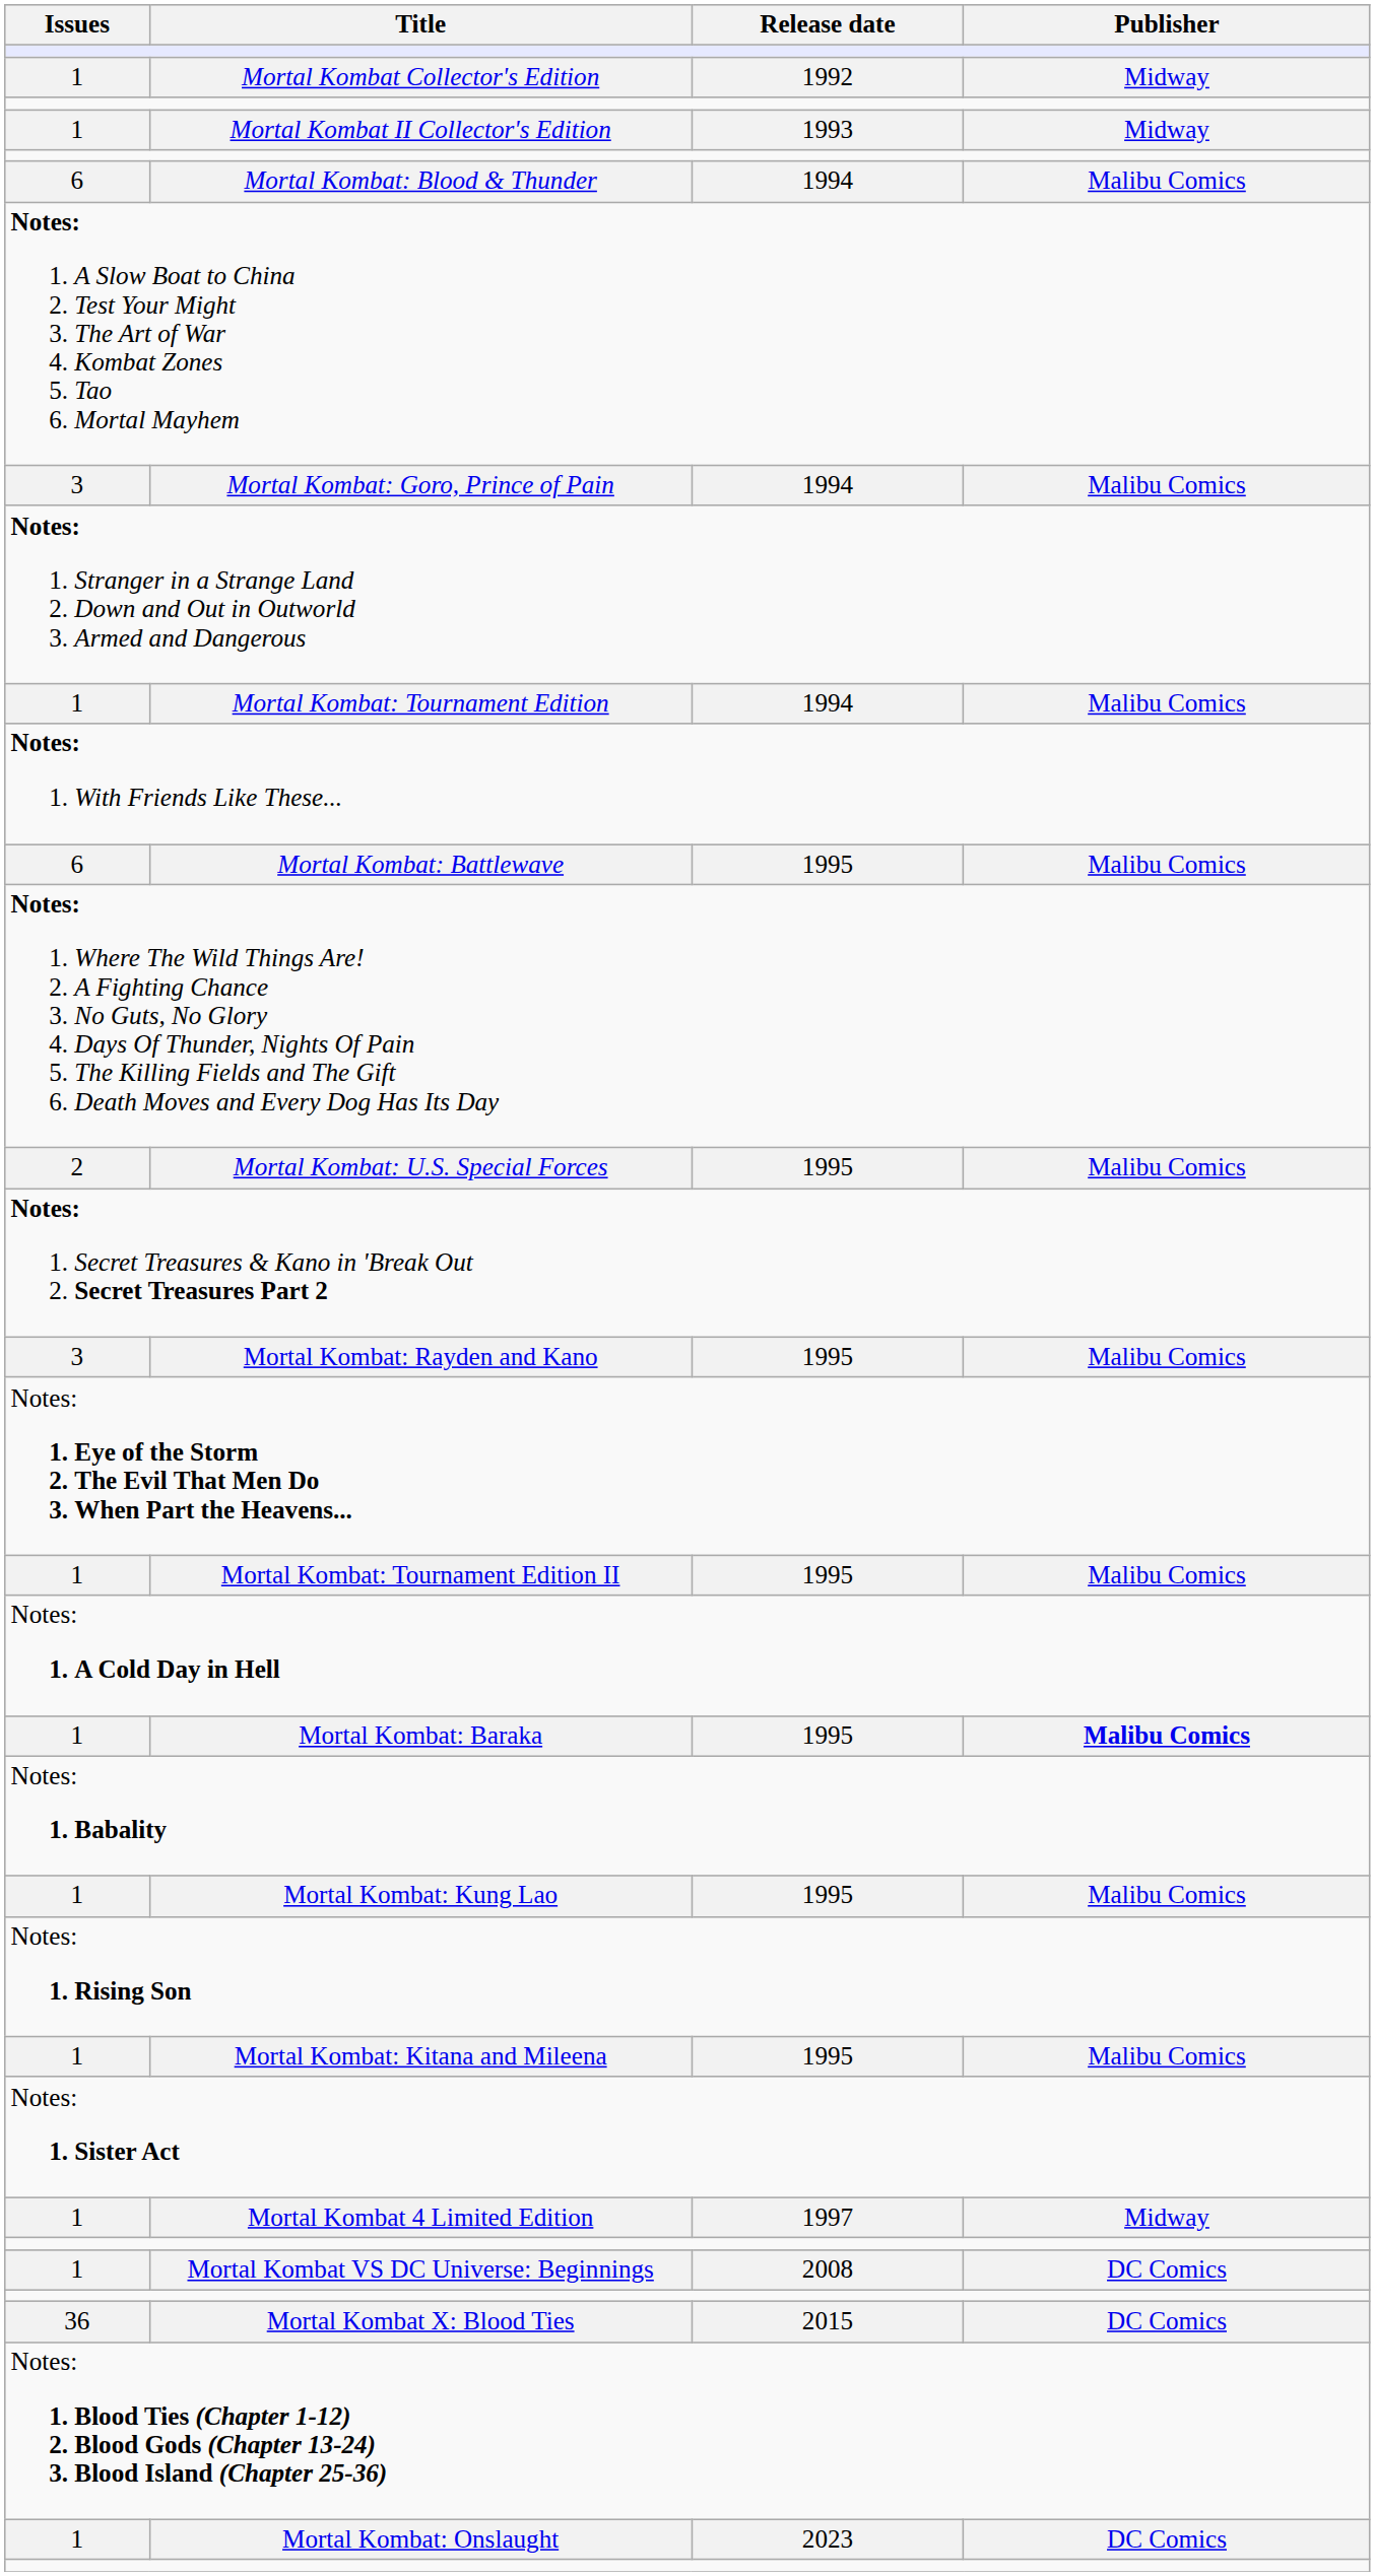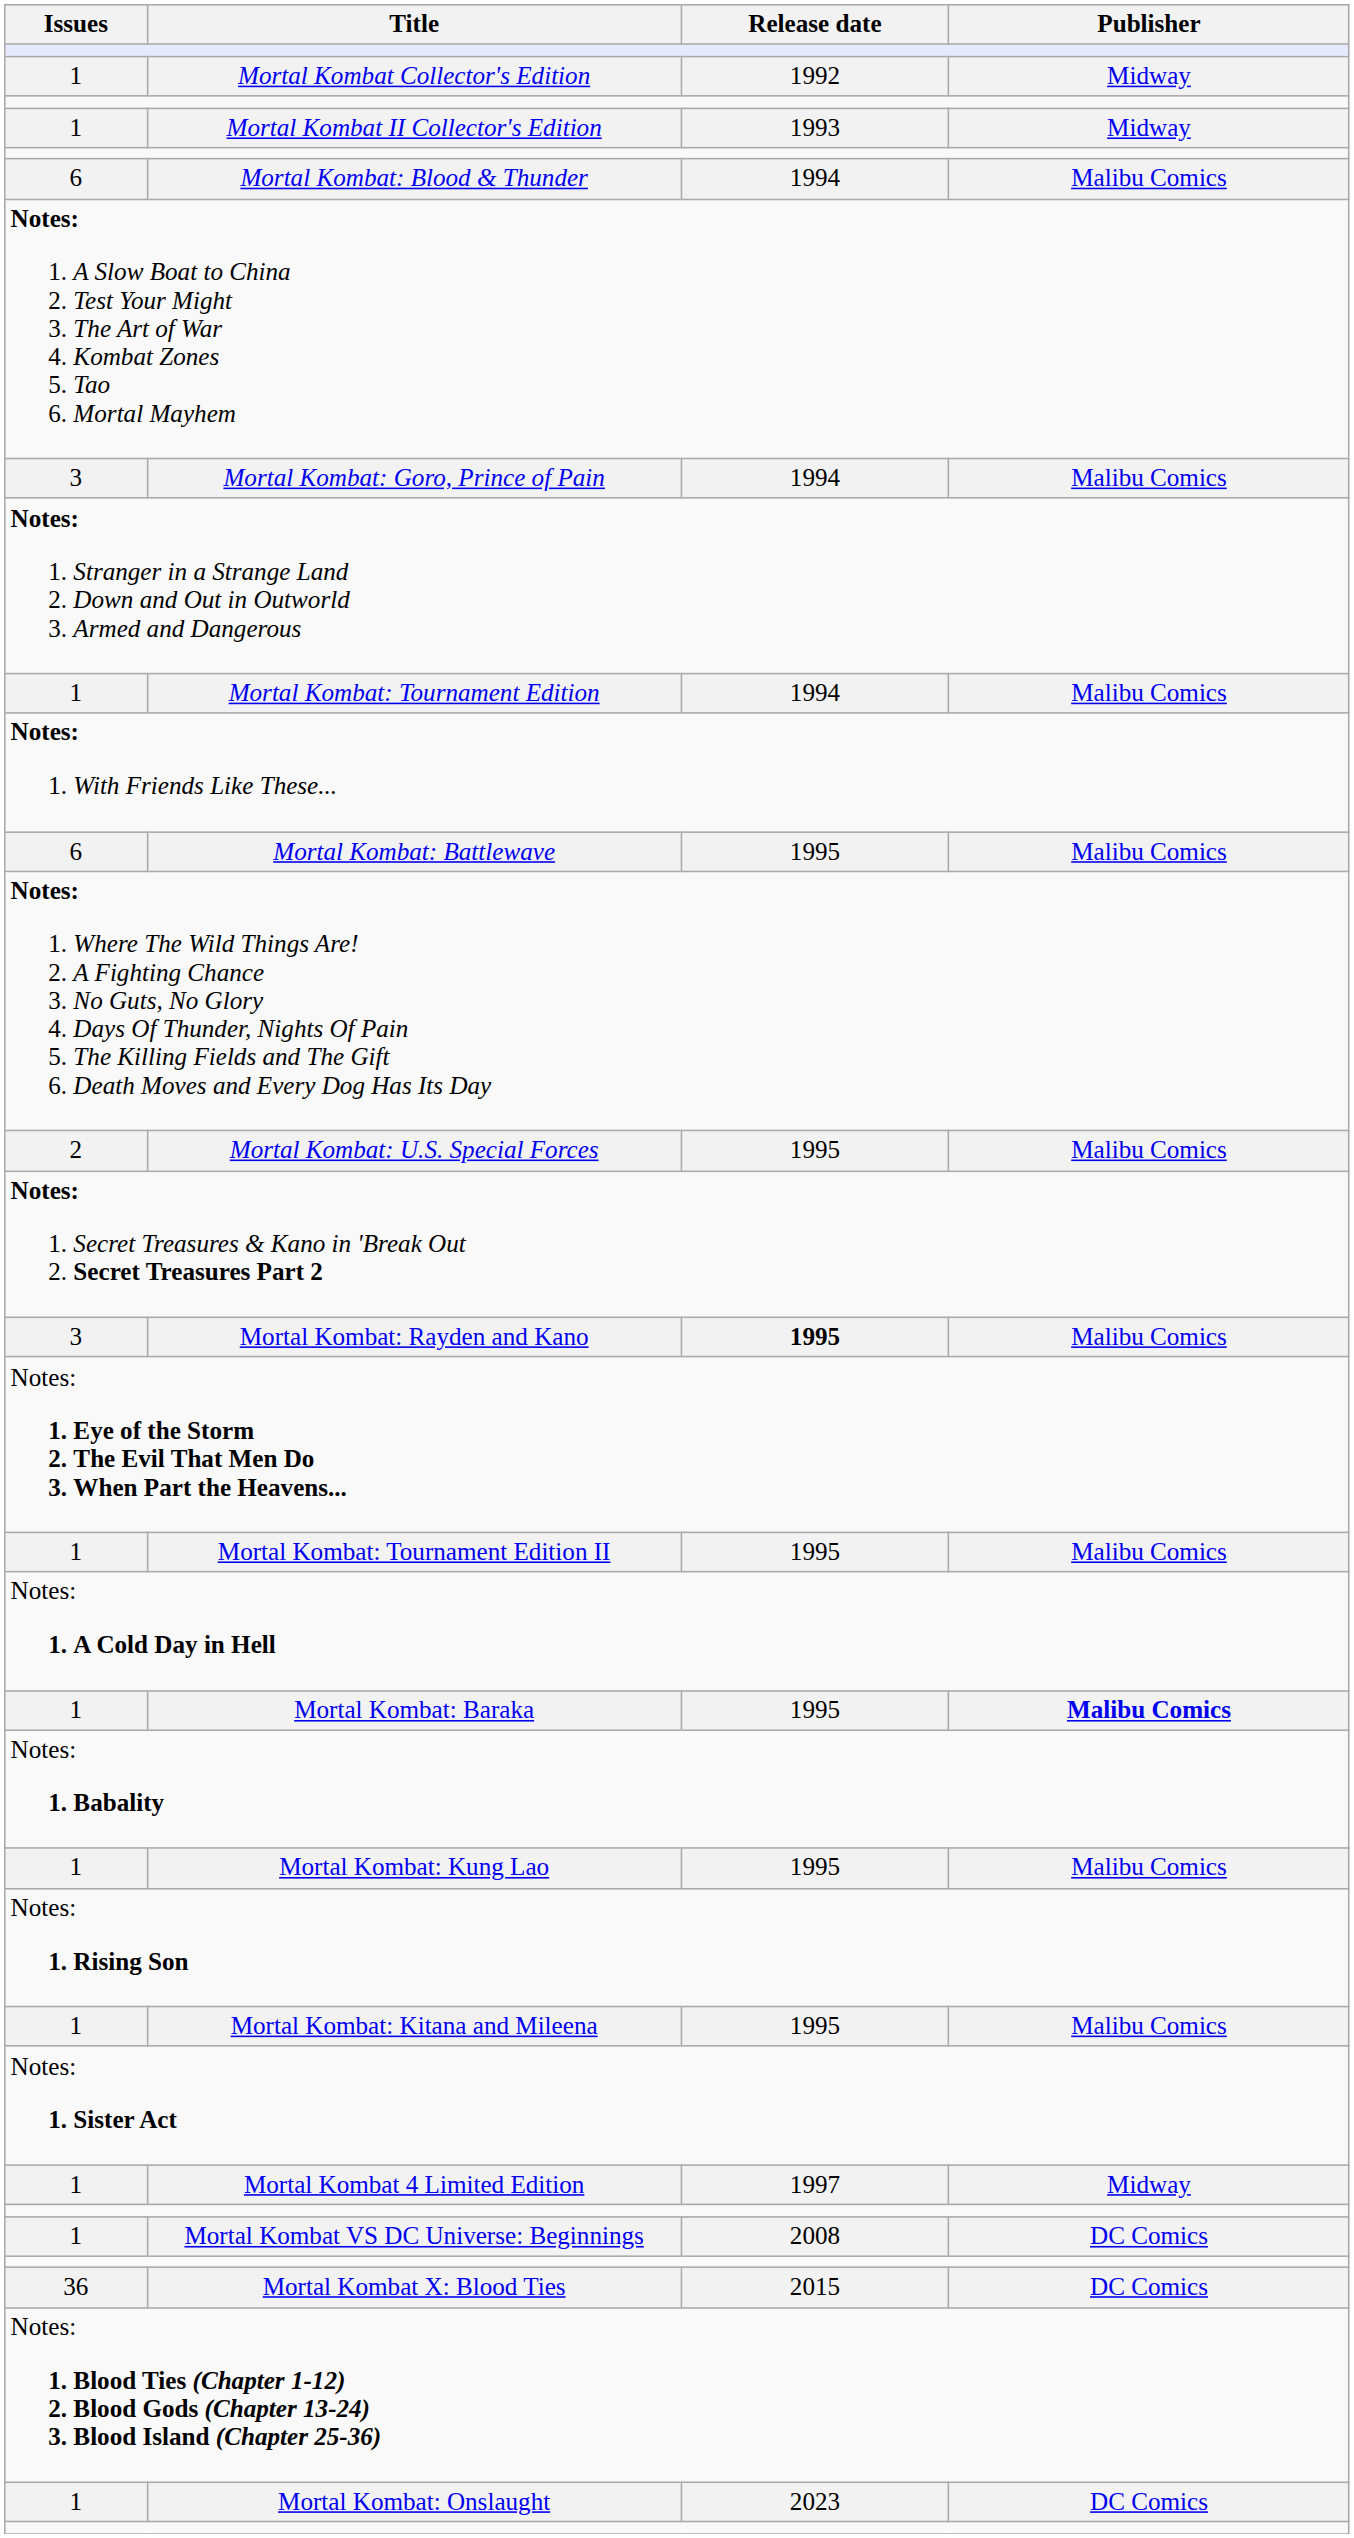 <table class="wikitable" style="width:97%;">
 <tr style="text-align: center;">
 <th style="width:5%;">Issues</th>
 <th colspan="2" style="width:20%;">Title</th>
 <th style="width:10%;">Release date</th>
 <th style="width:15%;">Publisher</th>
 </tr>
 <tr>
 <td colspan="5" style="background:#e6e9ff;"></td>
 </tr>
 <tr style="background:#f2f2f2; text-align:center;">
 <td>1</td>
 <td colspan="2"><a href='#'><em>Mortal Kombat Collector's Edition</em></a></td>
 <td>1992</td>
 <td><a href='#'>Midway</a></td>
 </tr>
 <tr>
 <td colspan="5" style="border: none; vertical-align: top;"></td>
 </tr>
 <tr style="background:#f2f2f2; text-align:center;">
 <td>1</td>
 <td colspan="2"><a href='#'><em>Mortal Kombat II Collector's Edition</em></a></td>
 <td>1993</td>
 <td><a href='#'>Midway</a></td>
 </tr>
 <tr>
 <td colspan="5" style="border: none; vertical-align: top;"></td>
 </tr>
 <tr style="background:#f2f2f2; text-align:center;">
 <td>6</td>
 <td colspan="2"><a href='#'><em>Mortal Kombat: Blood & Thunder</em></a></td>
 <td>1994</td>
 <td><a href='#'>Malibu Comics</a></td>
 </tr>
 <tr>
 <td colspan="5" style="border: none; vertical-align: top;"><strong>Notes:</strong><br><ol><li><em>A Slow Boat to China</em></li><li><em>Test Your Might</em></li><li><em>The Art of War</em></li><li><em>Kombat Zones</em></li><li><em>Tao</em></li><li><em>Mortal Mayhem</em></li></ol></td>
 </tr>
 <tr style="background:#f2f2f2; text-align:center;">
 <td>3</td>
 <td colspan="2"><a href='#'><em>Mortal Kombat: Goro, Prince of Pain</em></a></td>
 <td>1994</td>
 <td><a href='#'>Malibu Comics</a></td>
 </tr>
 <tr>
 <td colspan="5" style="border: none; vertical-align: top;"><strong>Notes:</strong><br><ol><li><em>Stranger in a Strange Land</em></li><li><em>Down and Out in Outworld</em></li><li><em>Armed and Dangerous</em></li></ol></td>
 </tr>
 <tr style="background:#f2f2f2; text-align:center;">
 <td>1</td>
 <td colspan="2"><a href='#'><em>Mortal Kombat: Tournament Edition</em></a></td>
 <td>1994</td>
 <td><a href='#'>Malibu Comics</a></td>
 </tr>
 <tr>
 <td colspan="5" style="border: none; vertical-align: top;"><strong>Notes:</strong><br><ol><li><em>With Friends Like These...</em></li></ol></td>
 </tr>
 <tr style="background:#f2f2f2; text-align:center;">
 <td>6</td>
 <td colspan="2"><a href='#'><em>Mortal Kombat: Battlewave</em></a></td>
 <td>1995</td>
 <td><a href='#'>Malibu Comics</a></td>
 </tr>
 <tr>
 <td colspan="5" style="border: none; vertical-align: top;"><strong>Notes:</strong><br><ol><li><em>Where The Wild Things Are!</em></li><li><em>A Fighting Chance</em></li><li><em>No Guts, No Glory</em></li><li><em>Days Of Thunder, Nights Of Pain</em></li><li><em>The Killing Fields and The Gift </em></li><li><em>Death Moves and Every Dog Has Its Day</em></li></ol></td>
 </tr>
 <tr style="background:#f2f2f2; text-align:center;">
 <td>2</td>
 <td colspan="2"><a href='#'><em>Mortal Kombat: U.S. Special Forces</em></a></td>
 <td>1995</td>
 <td><a href='#'>Malibu Comics</a></td>
 </tr>
 <tr>
 <td colspan="5" style="border: none; vertical-align: top;"><strong>Notes:</strong><br><ol><li><em>Secret Treasures & Kano in 'Break Out<strong></li><li></em>Secret Treasures Part 2<em></li></ol></td>
 </tr>
 <tr style="background:#f2f2f2; text-align:center;">
 <td>3</td>
 <td colspan="2"><a href='#'></em>Mortal Kombat: Rayden and Kano<em></a></td>
-<td>1995</td>
+<td><strong>1995</strong></td>
 <td><a href='#'>Malibu Comics</a></td>
 </tr>
 <tr>
 <td colspan="5" style="border: none; vertical-align: top;"></strong>Notes:<strong><br><ol><li></em>Eye of the Storm<em></li><li></em>The Evil That Men Do<em></li><li></em>When Part the Heavens...<em></li></ol></td>
 </tr>
 <tr style="background:#f2f2f2; text-align:center;">
 <td>1</td>
 <td colspan="2"><a href='#'></em>Mortal Kombat: Tournament Edition II<em></a></td>
 <td>1995</td>
 <td><a href='#'>Malibu Comics</a></td>
 </tr>
 <tr>
 <td colspan="5" style="border: none; vertical-align: top;"></strong>Notes:<strong><br><ol><li></em>A Cold Day in Hell<em></li></ol></td>
 </tr>
 <tr style="background:#f2f2f2; text-align:center;">
 <td>1</td>
 <td colspan="2"><a href='#'></em>Mortal Kombat: Baraka<em></a></td>
 <td>1995</td>
 <td><strong><a href='#'>Malibu Comics</a></strong></td>
 </tr>
 <tr>
 <td colspan="5" style="border: none; vertical-align: top;"></strong>Notes:<strong><br><ol><li></em>Babality<em></li></ol></td>
 </tr>
 <tr style="background:#f2f2f2; text-align:center;">
 <td>1</td>
 <td colspan="2"><a href='#'></em>Mortal Kombat: Kung Lao<em></a></td>
 <td>1995</td>
 <td><a href='#'>Malibu Comics</a></td>
 </tr>
 <tr>
 <td colspan="5" style="border: none; vertical-align: top;"></strong>Notes:<strong><br><ol><li></em>Rising Son<em></li></ol></td>
 </tr>
 <tr style="background:#f2f2f2; text-align:center;">
 <td>1</td>
 <td colspan="2"><a href='#'></em>Mortal Kombat: Kitana and Mileena<em></a></td>
 <td>1995</td>
 <td><a href='#'>Malibu Comics</a></td>
 </tr>
 <tr>
 <td colspan="5" style="border: none; vertical-align: top;"></strong>Notes:<strong><br><ol><li></em>Sister Act<em></li></ol></td>
 </tr>
 <tr style="background:#f2f2f2; text-align:center;">
 <td>1</td>
 <td colspan="2"><a href='#'></em>Mortal Kombat 4 Limited Edition<em></a></td>
 <td>1997</td>
 <td><a href='#'>Midway</a></td>
 </tr>
 <tr>
 <td colspan="5" style="border: none; vertical-align: top;"></td>
 </tr>
 <tr style="background:#f2f2f2; text-align:center;">
 <td>1</td>
 <td colspan="2"><a href='#'></em>Mortal Kombat VS DC Universe: Beginnings<em></a></td>
 <td>2008</td>
 <td><a href='#'>DC Comics</a></td>
 </tr>
 <tr>
 <td colspan="5" style="border: none; vertical-align: top;"></td>
 </tr>
 <tr style="background:#f2f2f2; text-align:center;">
 <td>36</td>
 <td colspan="2"><a href='#'></em>Mortal Kombat X: Blood Ties<em></a></td>
 <td>2015</td>
 <td><a href='#'>DC Comics</a></td>
 </tr>
 <tr>
 <td colspan="5" style="border: none; vertical-align: top;"></strong>Notes:<strong><br><ol><li></em>Blood Ties<em> (Chapter 1-12)</li><li></em>Blood Gods<em> (Chapter 13-24)</li><li></em>Blood Island<em> (Chapter 25-36)</li></ol></td>
 </tr>
 <tr style="background:#f2f2f2; text-align:center;">
 <td>1</td>
 <td colspan="2"></em><a href='#'>Mortal Kombat: Onslaught</a><em></td>
 <td>2023</td>
 <td><a href='#'>DC Comics</a></td>
 </tr>
 <tr>
 <td colspan="5" style="border: none; vertical-align: top;"></td>
 </tr>
 </table>
